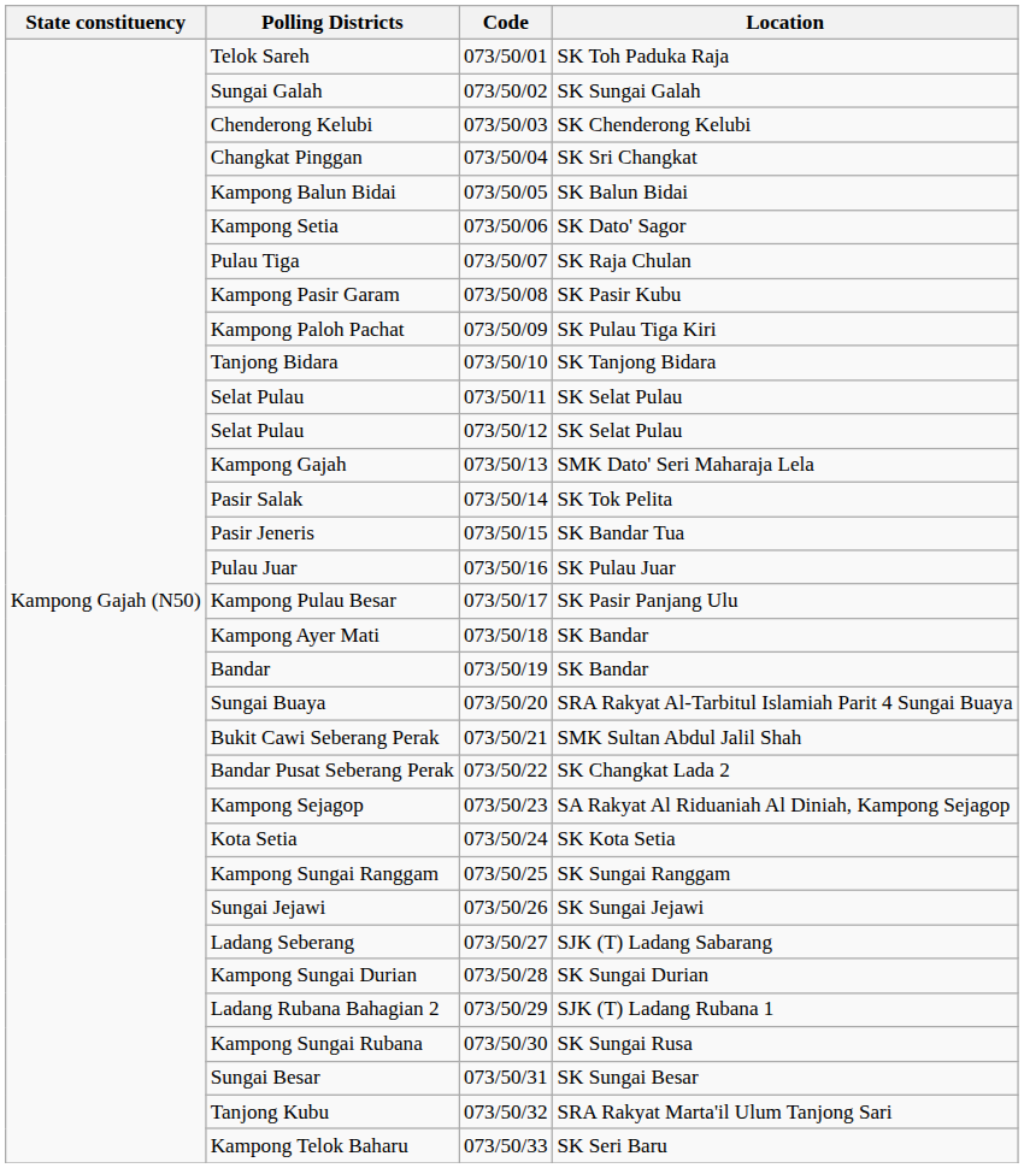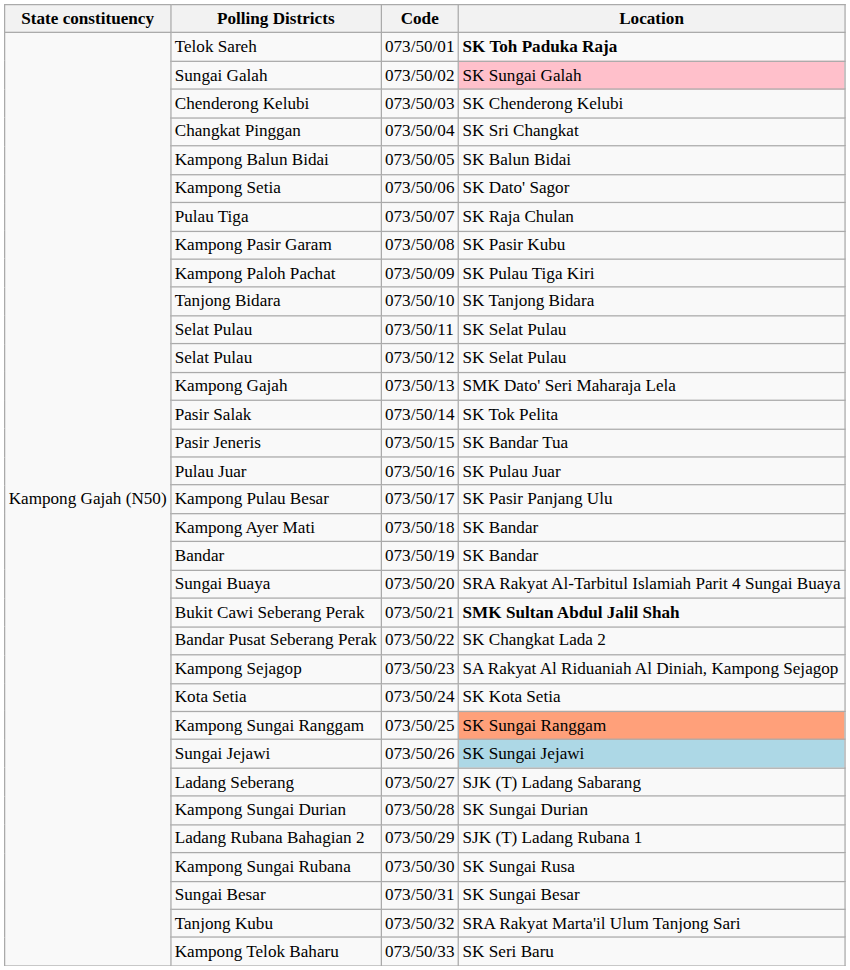 <table class="wikitable sortable mw-collapsible" style="white-space:nowrap;font-size:85%">
 <tr>
 <th>State constituency</th>
 <th>Polling Districts</th>
 <th>Code</th>
 <th>Location</th>
 </tr>
 <tr>
 <td rowspan="33">Kampong Gajah (N50)</td>
 <td>Telok Sareh</td>
 <td>073/50/01</td>
-<td>SK Toh Paduka Raja</td>
+<td><strong>SK Toh Paduka Raja</strong></td>
 </tr>
 <tr>
 <td>Sungai Galah</td>
 <td>073/50/02</td>
-<td>SK Sungai Galah</td>
+<td style="background: pink;">SK Sungai Galah</td>
 </tr>
 <tr>
 <td>Chenderong Kelubi</td>
 <td>073/50/03</td>
 <td>SK Chenderong Kelubi</td>
 </tr>
 <tr>
 <td>Changkat Pinggan</td>
 <td>073/50/04</td>
 <td>SK Sri Changkat</td>
 </tr>
 <tr>
 <td>Kampong Balun Bidai</td>
 <td>073/50/05</td>
 <td>SK Balun Bidai</td>
 </tr>
 <tr>
 <td>Kampong Setia</td>
 <td>073/50/06</td>
 <td>SK Dato' Sagor</td>
 </tr>
 <tr>
 <td>Pulau Tiga</td>
 <td>073/50/07</td>
 <td>SK Raja Chulan</td>
 </tr>
 <tr>
 <td>Kampong Pasir Garam</td>
 <td>073/50/08</td>
 <td>SK Pasir Kubu</td>
 </tr>
 <tr>
 <td>Kampong Paloh Pachat</td>
 <td>073/50/09</td>
 <td>SK Pulau Tiga Kiri</td>
 </tr>
 <tr>
 <td>Tanjong Bidara</td>
 <td>073/50/10</td>
 <td>SK Tanjong Bidara</td>
 </tr>
 <tr>
 <td>Selat Pulau</td>
 <td>073/50/11</td>
 <td>SK Selat Pulau</td>
 </tr>
 <tr>
 <td>Selat Pulau</td>
 <td>073/50/12</td>
 <td>SK Selat Pulau</td>
 </tr>
 <tr>
 <td>Kampong Gajah</td>
 <td>073/50/13</td>
 <td>SMK Dato' Seri Maharaja Lela</td>
 </tr>
 <tr>
 <td>Pasir Salak</td>
 <td>073/50/14</td>
 <td>SK Tok Pelita</td>
 </tr>
 <tr>
 <td>Pasir Jeneris</td>
 <td>073/50/15</td>
 <td>SK Bandar Tua</td>
 </tr>
 <tr>
 <td>Pulau Juar</td>
 <td>073/50/16</td>
 <td>SK Pulau Juar</td>
 </tr>
 <tr>
 <td>Kampong Pulau Besar</td>
 <td>073/50/17</td>
 <td>SK Pasir Panjang Ulu</td>
 </tr>
 <tr>
 <td>Kampong Ayer Mati</td>
 <td>073/50/18</td>
 <td>SK Bandar</td>
 </tr>
 <tr>
 <td>Bandar</td>
 <td>073/50/19</td>
 <td>SK Bandar</td>
 </tr>
 <tr>
 <td>Sungai Buaya</td>
 <td>073/50/20</td>
 <td>SRA Rakyat Al-Tarbitul Islamiah Parit 4 Sungai Buaya</td>
 </tr>
 <tr>
 <td>Bukit Cawi Seberang Perak</td>
 <td>073/50/21</td>
-<td>SMK Sultan Abdul Jalil Shah</td>
+<td><strong>SMK Sultan Abdul Jalil Shah</strong></td>
 </tr>
 <tr>
 <td>Bandar Pusat Seberang Perak</td>
 <td>073/50/22</td>
 <td>SK Changkat Lada 2</td>
 </tr>
 <tr>
 <td>Kampong Sejagop</td>
 <td>073/50/23</td>
 <td>SA Rakyat Al Riduaniah Al Diniah, Kampong Sejagop</td>
 </tr>
 <tr>
 <td>Kota Setia</td>
 <td>073/50/24</td>
 <td>SK Kota Setia</td>
 </tr>
 <tr>
 <td>Kampong Sungai Ranggam</td>
 <td>073/50/25</td>
-<td>SK Sungai Ranggam</td>
+<td style="background: lightsalmon;">SK Sungai Ranggam</td>
 </tr>
 <tr>
 <td>Sungai Jejawi</td>
 <td>073/50/26</td>
-<td>SK Sungai Jejawi</td>
+<td style="background: lightblue;">SK Sungai Jejawi</td>
 </tr>
 <tr>
 <td>Ladang Seberang</td>
 <td>073/50/27</td>
 <td>SJK (T) Ladang Sabarang</td>
 </tr>
 <tr>
 <td>Kampong Sungai Durian</td>
 <td>073/50/28</td>
 <td>SK Sungai Durian</td>
 </tr>
 <tr>
 <td>Ladang Rubana Bahagian 2</td>
 <td>073/50/29</td>
 <td>SJK (T) Ladang Rubana 1</td>
 </tr>
 <tr>
 <td>Kampong Sungai Rubana</td>
 <td>073/50/30</td>
 <td>SK Sungai Rusa</td>
 </tr>
 <tr>
 <td>Sungai Besar</td>
 <td>073/50/31</td>
 <td>SK Sungai Besar</td>
 </tr>
 <tr>
 <td>Tanjong Kubu</td>
 <td>073/50/32</td>
 <td>SRA Rakyat Marta'il Ulum Tanjong Sari</td>
 </tr>
 <tr>
 <td>Kampong Telok Baharu</td>
 <td>073/50/33</td>
 <td>SK Seri Baru</td>
 </tr>
 </table>
